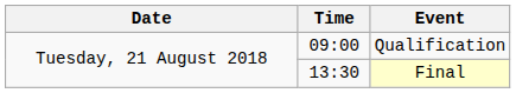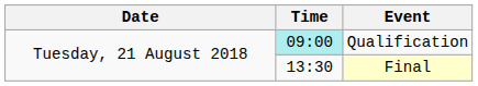 <table class = "wikitable" style="text-align:center;">
 <tr>
 <th width=220>Date</th>
 <th width=50>Time</th>
 <th width=100>Event</th>
 </tr>
 <tr>
 <td rowspan=2>Tuesday, 21 August 2018</td>
-<td>09:00</td>
+<td style="background: paleturquoise;">09:00</td>
 <td>Qualification</td>
 </tr>
 <tr>
 <td>13:30</td>
 <td bgcolor=ffffcc>Final</td>
 </tr>
 </table>
